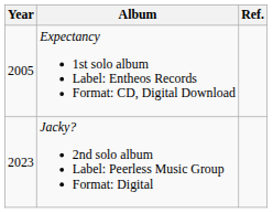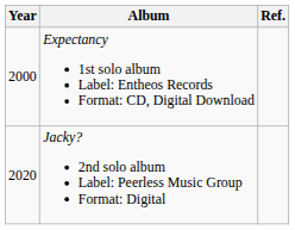 <table class="wikitable" style="text-align: center">
 <tr>
 <th>Year</th>
 <th>Album</th>
 <th>Ref.</th>
 </tr>
 <tr>
-<td>2005</td>
+<td>2000</td>
 <td align="left"><em>Expectancy</em><br><ul><li>1st solo album</li><li>Label: Entheos Records</li><li>Format: CD, Digital Download</li></ul></td>
 <td></td>
 </tr>
 <tr>
-<td>2023</td>
+<td>2020</td>
 <td align="left"><em>Jacky?</em><br><ul><li>2nd solo album</li><li>Label: Peerless Music Group</li><li>Format: Digital</li></ul></td>
 </tr>
 </table>
